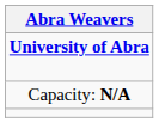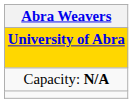 <table class="wikitable" style="text-align:center">
 <tr>
 <th><a href='#'>Abra Weavers</a></th>
 </tr>
 <tr>
-<td><strong><a href='#'>University of Abra</a></strong> <br>   <br> </td>
+<td style="background: gold;"><strong><a href='#'>University of Abra</a></strong> <br>   <br> </td>
 </tr>
 <tr>
 <td>Capacity: <strong>N/A</strong></td>
 </tr>
 <tr>
 <td></td>
 </tr>
 </table>
